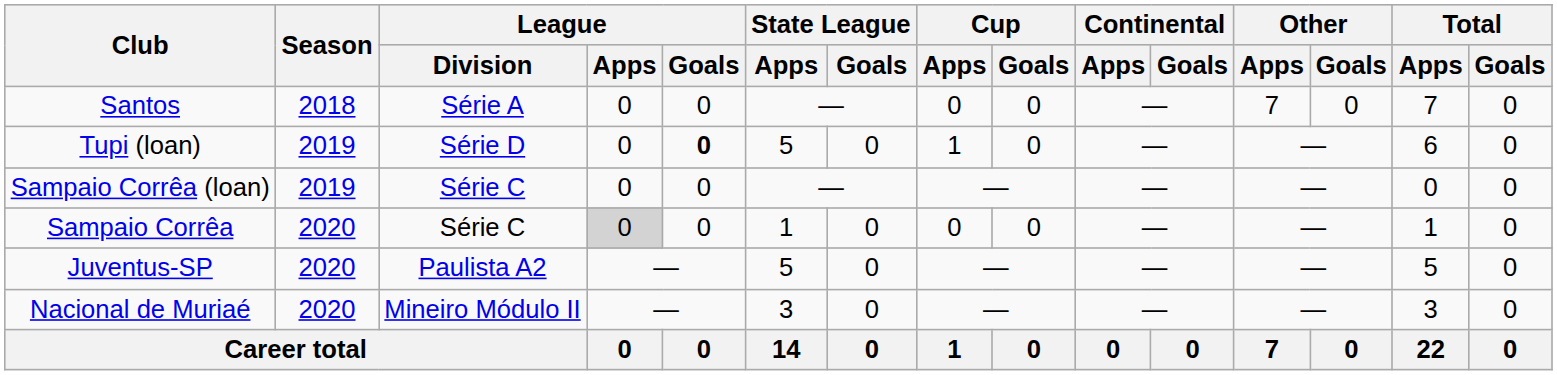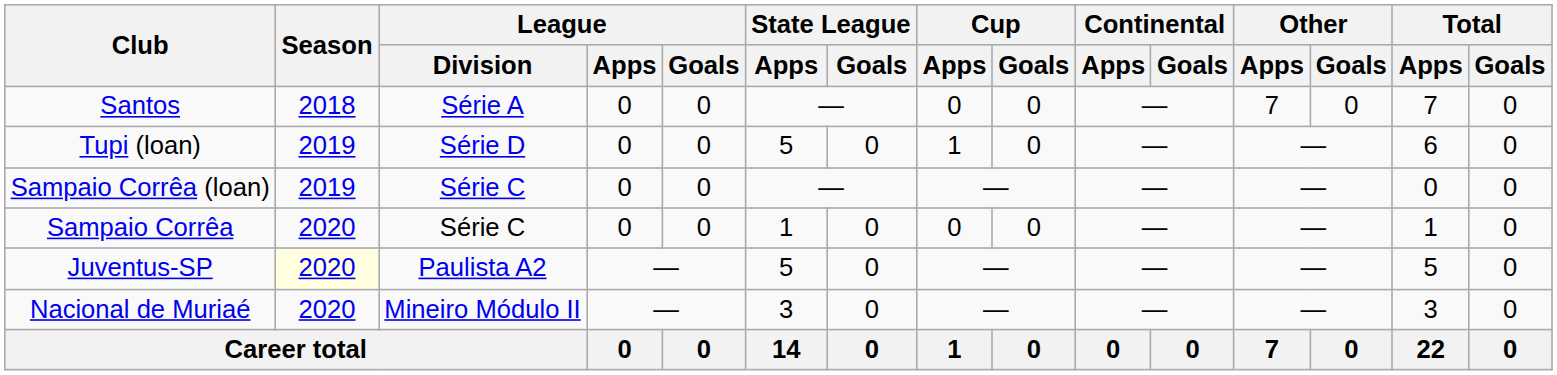 <table class="wikitable" style="text-align: center;">
 <tr>
 <th rowspan="2">Club</th>
 <th rowspan="2">Season</th>
 <th colspan="3">League</th>
 <th colspan="2">State League</th>
 <th colspan="2">Cup</th>
 <th colspan="2">Continental</th>
 <th colspan="2">Other</th>
 <th colspan="2">Total</th>
 </tr>
 <tr>
 <th>Division</th>
 <th>Apps</th>
 <th>Goals</th>
 <th>Apps</th>
 <th>Goals</th>
 <th>Apps</th>
 <th>Goals</th>
 <th>Apps</th>
 <th>Goals</th>
 <th>Apps</th>
 <th>Goals</th>
 <th>Apps</th>
 <th>Goals</th>
 </tr>
 <tr>
 <td valign="center"><a href='#'>Santos</a></td>
 <td><a href='#'>2018</a></td>
 <td><a href='#'>Série A</a></td>
 <td>0</td>
 <td>0</td>
 <td colspan="2">—</td>
 <td>0</td>
 <td>0</td>
 <td colspan="2">—</td>
 <td>7</td>
 <td>0</td>
 <td>7</td>
 <td>0</td>
 </tr>
 <tr>
 <td valign="center"><a href='#'>Tupi</a> (loan)</td>
 <td><a href='#'>2019</a></td>
 <td><a href='#'>Série D</a></td>
 <td>0</td>
-<td><strong>0</strong></td>
+<td>0</td>
 <td>5</td>
 <td>0</td>
 <td>1</td>
 <td>0</td>
 <td colspan="2">—</td>
 <td colspan="2">—</td>
 <td>6</td>
 <td>0</td>
 </tr>
 <tr>
 <td valign="center"><a href='#'>Sampaio Corrêa</a> (loan)</td>
 <td><a href='#'>2019</a></td>
 <td><a href='#'>Série C</a></td>
 <td>0</td>
 <td>0</td>
 <td colspan="2">—</td>
 <td colspan="2">—</td>
 <td colspan="2">—</td>
 <td colspan="2">—</td>
 <td>0</td>
 <td>0</td>
 </tr>
 <tr>
 <td valign="center"><a href='#'>Sampaio Corrêa</a></td>
 <td><a href='#'>2020</a></td>
 <td>Série C</td>
-<td style="background: lightgrey;">0</td>
+<td>0</td>
 <td>0</td>
 <td>1</td>
 <td>0</td>
 <td>0</td>
 <td>0</td>
 <td colspan="2">—</td>
 <td colspan="2">—</td>
 <td>1</td>
 <td>0</td>
 </tr>
 <tr>
 <td valign="center"><a href='#'>Juventus-SP</a></td>
-<td><a href='#'>2020</a></td>
+<td style="background: lightyellow;"><a href='#'>2020</a></td>
 <td><a href='#'>Paulista A2</a></td>
 <td colspan="2">—</td>
 <td>5</td>
 <td>0</td>
 <td colspan="2">—</td>
 <td colspan="2">—</td>
 <td colspan="2">—</td>
 <td>5</td>
 <td>0</td>
 </tr>
 <tr>
 <td valign="center"><a href='#'>Nacional de Muriaé</a></td>
 <td><a href='#'>2020</a></td>
 <td><a href='#'>Mineiro Módulo II</a></td>
 <td colspan="2">—</td>
 <td>3</td>
 <td>0</td>
 <td colspan="2">—</td>
 <td colspan="2">—</td>
 <td colspan="2">—</td>
 <td>3</td>
 <td>0</td>
 </tr>
 <tr>
 <th colspan="3"><strong>Career total</strong></th>
 <th>0</th>
 <th>0</th>
 <th>14</th>
 <th>0</th>
 <th>1</th>
 <th>0</th>
 <th>0</th>
 <th>0</th>
 <th>7</th>
 <th>0</th>
 <th>22</th>
 <th>0</th>
 </tr>
 </table>
